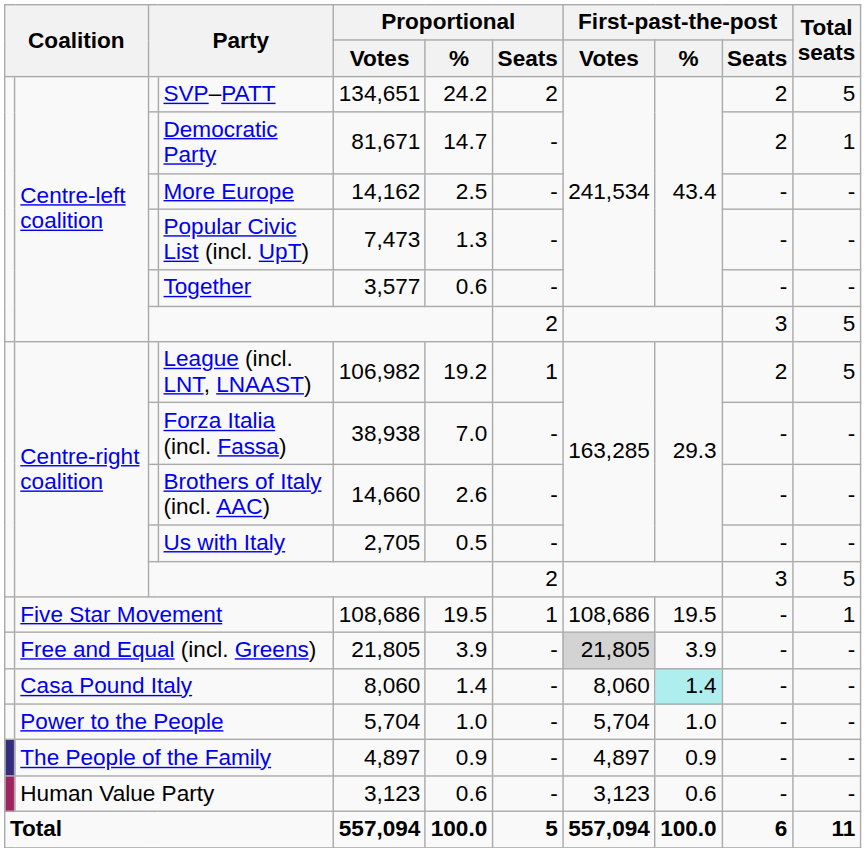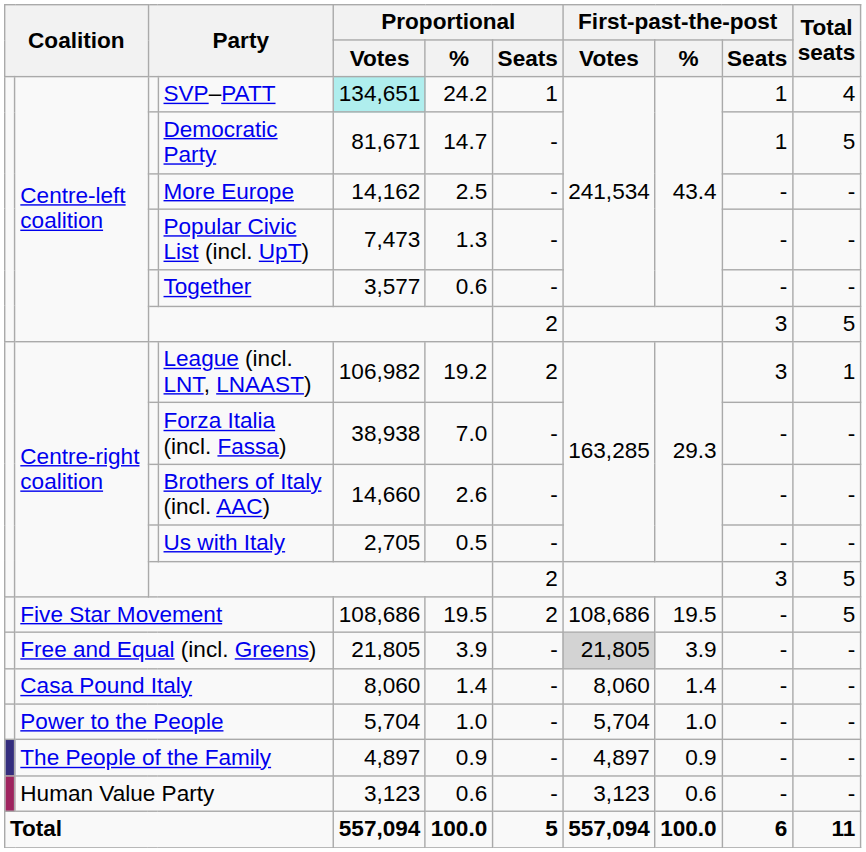 <table class="wikitable" style="text-align:right">
 <tr>
 <th colspan="2" rowspan="2">Coalition</th>
 <th colspan=2 rowspan=2>Party</th>
 <th colspan="3"  style="text-align:center; vertical-align:top;">Proportional</th>
 <th colspan="3"  style="text-align:center; vertical-align:top;">First-past-the-post</th>
 <th style="text-align:center;" rowspan="2">Total<br>seats</th>
 </tr>
 <tr>
 <th style="text-align:center; vertical-align:bottom;">Votes</th>
 <th style="text-align:center; vertical-align:bottom;">%</th>
 <th style="text-align:center; vertical-align:bottom;">Seats</th>
 <th style="text-align:center; vertical-align:bottom;">Votes</th>
 <th style="text-align:center; vertical-align:bottom;">%</th>
 <th style="text-align:center; vertical-align:bottom;">Seats</th>
 </tr>
 <tr>
 <td rowspan="6"></td>
 <td style="text-align:left;" rowspan="6"><a href='#'>Centre-left coalition</a></td>
 <td></td>
 <td style="text-align:left;"><a href='#'>SVP</a>–<a href='#'>PATT</a></td>
-<td>134,651</td>
+<td style="background: paleturquoise;">134,651</td>
 <td>24.2</td>
-<td>2</td>
+<td>1</td>
 <td rowspan="5">241,534</td>
 <td rowspan="5">43.4</td>
-<td>2</td>
-<td>5</td>
+<td>1</td>
+<td>4</td>
 </tr>
 <tr>
 <td></td>
 <td align=left><a href='#'>Democratic Party</a></td>
 <td>81,671</td>
 <td>14.7</td>
 <td>-</td>
-<td>2</td>
 <td>1</td>
+<td>5</td>
 </tr>
 <tr>
 <td></td>
 <td style="text-align:left;"><a href='#'>More Europe</a></td>
 <td>14,162</td>
 <td>2.5</td>
 <td>-</td>
 <td>-</td>
 <td>-</td>
 </tr>
 <tr>
 <td></td>
 <td style="text-align:left;"><a href='#'>Popular Civic List</a> (incl. <a href='#'>UpT</a>)</td>
 <td>7,473</td>
 <td>1.3</td>
 <td>-</td>
 <td>-</td>
 <td>-</td>
 </tr>
 <tr>
 <td></td>
 <td style="text-align:left;"><a href='#'>Together</a></td>
 <td>3,577</td>
 <td>0.6</td>
 <td>-</td>
 <td>-</td>
 <td>-</td>
 </tr>
 <tr>
 <td colspan="4" style="text-align:left;"></td>
 <td>2</td>
 <td colspan="2"></td>
 <td>3</td>
 <td>5</td>
 </tr>
 <tr>
 <td rowspan="5"></td>
 <td style="text-align:left;" rowspan="5"><a href='#'>Centre-right coalition</a></td>
 <td></td>
 <td align=left><a href='#'>League</a> (incl. <a href='#'>LNT</a>, <a href='#'>LNAAST</a>)</td>
 <td>106,982</td>
 <td>19.2</td>
-<td>1</td>
+<td>2</td>
 <td rowspan="4">163,285</td>
 <td rowspan="4">29.3</td>
-<td>2</td>
-<td>5</td>
+<td>3</td>
+<td>1</td>
 </tr>
 <tr>
 <td></td>
 <td align=left><a href='#'>Forza Italia</a> (incl. <a href='#'>Fassa</a>)</td>
 <td>38,938</td>
 <td>7.0</td>
 <td>-</td>
 <td>-</td>
 <td>-</td>
 </tr>
 <tr>
 <td></td>
 <td align=left><a href='#'>Brothers of Italy</a> (incl. <a href='#'>AAC</a>)</td>
 <td>14,660</td>
 <td>2.6</td>
 <td>-</td>
 <td>-</td>
 <td>-</td>
 </tr>
 <tr>
 <td></td>
 <td align=left><a href='#'>Us with Italy</a></td>
 <td>2,705</td>
 <td>0.5</td>
 <td>-</td>
 <td>-</td>
 <td>-</td>
 </tr>
 <tr>
 <td colspan="4" style="text-align:left;"></td>
 <td>2</td>
 <td colspan="2"></td>
 <td>3</td>
 <td>5</td>
 </tr>
 <tr 、>
 <td style="background:"></td>
 <td colspan="3" style="text-align:left;"><a href='#'>Five Star Movement</a></td>
 <td>108,686</td>
 <td>19.5</td>
-<td>1</td>
+<td>2</td>
 <td>108,686</td>
 <td>19.5</td>
 <td>-</td>
-<td>1</td>
+<td>5</td>
 </tr>
 <tr>
 <td style="background:"></td>
 <td colspan="3" style="text-align:left;"><a href='#'>Free and Equal</a> (incl. <a href='#'>Greens</a>)</td>
 <td>21,805</td>
 <td>3.9</td>
 <td>-</td>
 <td style="background: lightgrey;">21,805</td>
 <td>3.9</td>
 <td>-</td>
 <td>-</td>
 </tr>
 <tr>
 <td style="background:"></td>
 <td colspan="3" style="text-align:left;"><a href='#'>Casa Pound Italy</a></td>
 <td>8,060</td>
 <td>1.4</td>
 <td>-</td>
 <td>8,060</td>
-<td style="background: paleturquoise;">1.4</td>
+<td>1.4</td>
 <td>-</td>
 <td>-</td>
 </tr>
 <tr>
 <td style="background:"></td>
 <td colspan="3" style="text-align:left;"><a href='#'>Power to the People</a></td>
 <td>5,704</td>
 <td>1.0</td>
 <td>-</td>
 <td>5,704</td>
 <td>1.0</td>
 <td>-</td>
 <td>-</td>
 </tr>
 <tr>
 <td style="background:#342d7e;"></td>
 <td colspan="3" style="text-align:left;"><a href='#'>The People of the Family</a></td>
 <td>4,897</td>
 <td>0.9</td>
 <td>-</td>
 <td>4,897</td>
 <td>0.9</td>
 <td>-</td>
 <td>-</td>
 </tr>
 <tr>
 <td style="background:#9F235F;"></td>
 <td colspan="3" style="text-align:left;">Human Value Party</td>
 <td>3,123</td>
 <td>0.6</td>
 <td>-</td>
 <td>3,123</td>
 <td>0.6</td>
 <td>-</td>
 <td>-</td>
 </tr>
 <tr>
 <td colspan="4" style="text-align:left;"><strong>Total</strong></td>
 <td><strong>557,094</strong></td>
 <td><strong>100.0</strong></td>
 <td><strong>5</strong></td>
 <td><strong>557,094</strong></td>
 <td><strong>100.0</strong></td>
 <td><strong>6</strong></td>
 <td><strong>11</strong></td>
 </tr>
 </table>
